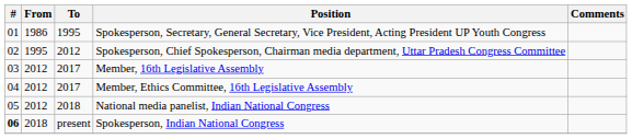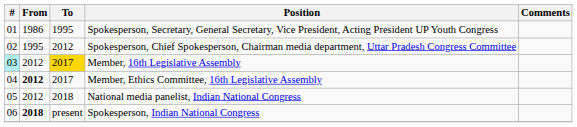 <table class="wikitable sortable">
 <tr>
 <th>#</th>
 <th>From</th>
 <th>To</th>
 <th>Position</th>
 <th>Comments</th>
 </tr>
 <tr>
 <td>01</td>
 <td>1986</td>
 <td>1995</td>
 <td>Spokesperson, Secretary, General Secretary, Vice President, Acting President UP Youth Congress</td>
 <td></td>
 </tr>
 <tr>
 <td>02</td>
 <td>1995</td>
 <td>2012</td>
 <td>Spokesperson, Chief Spokesperson, Chairman media department, <a href='#'>Uttar Pradesh Congress Committee</a></td>
 <td></td>
 </tr>
 <tr>
-<td>03</td>
+<td style="background: paleturquoise;">03</td>
 <td>2012</td>
-<td>2017</td>
+<td style="background: gold;">2017</td>
 <td>Member, <a href='#'>16th Legislative Assembly</a></td>
 <td></td>
 </tr>
 <tr>
 <td>04</td>
-<td>2012</td>
+<td><strong>2012</strong></td>
 <td>2017</td>
 <td>Member, Ethics Committee, <a href='#'>16th Legislative Assembly</a></td>
 <td></td>
 </tr>
 <tr>
 <td>05</td>
 <td>2012</td>
 <td>2018</td>
 <td>National media panelist, <a href='#'>Indian National Congress</a></td>
 <td></td>
 </tr>
 <tr>
-<td><strong>06</strong></td>
-<td>2018</td>
+<td>06</td>
+<td><strong>2018</strong></td>
 <td>present</td>
 <td>Spokesperson, <a href='#'>Indian National Congress</a></td>
 <td></td>
 </tr>
 <tr>
 </tr>
 </table>
